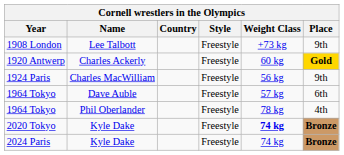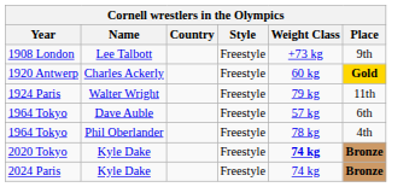 <table class="wikitable">
 <tr>
 <th colspan="6">Cornell wrestlers in the Olympics</th>
 </tr>
 <tr>
 <th scope="col">Year</th>
 <th scope="col">Name</th>
 <th scope="col">Country</th>
 <th scope="col">Style</th>
 <th scope="col">Weight Class</th>
 <th scope="col">Place</th>
 </tr>
 <tr>
 <td><a href='#'>1908 London</a></td>
 <td style="text-align: center;"><a href='#'>Lee Talbott</a></td>
 <td style="text-align: center;"></td>
 <td style="text-align: center;">Freestyle</td>
 <td style="text-align: center;"><a href='#'>+73 kg</a></td>
 <td style="text-align: center;">9th</td>
 </tr>
 <tr>
 <td><a href='#'>1920 Antwerp</a></td>
 <td style="text-align: center;"><a href='#'>Charles Ackerly</a></td>
 <td style="text-align: center;"></td>
 <td style="text-align: center;">Freestyle</td>
 <td style="text-align: center;"><a href='#'>60 kg</a></td>
 <td style="text-align: center;background:gold;"><strong>Gold</strong></td>
 </tr>
 <tr>
 <td><a href='#'>1924 Paris</a></td>
-<td style="text-align: center;"><a href='#'>Charles MacWilliam</a></td>
+<td style="text-align: center;"><a href='#'>Walter Wright</a></td>
 <td style="text-align: center;"></td>
 <td style="text-align: center;">Freestyle</td>
-<td style="text-align: center;"><a href='#'>56 kg</a></td>
-<td style="text-align: center;">9th</td>
+<td style="text-align: center;"><a href='#'>79 kg</a></td>
+<td style="text-align: center;">11th</td>
 </tr>
 <tr>
 <td><a href='#'>1964 Tokyo</a></td>
 <td style="text-align: center;"><a href='#'>Dave Auble</a></td>
 <td style="text-align: center;"></td>
 <td style="text-align: center;">Freestyle</td>
 <td style="text-align: center;"><a href='#'>57 kg</a></td>
 <td style="text-align: center;">6th</td>
 </tr>
 <tr>
 <td><a href='#'>1964 Tokyo</a></td>
 <td style="text-align: center;"><a href='#'>Phil Oberlander</a></td>
 <td style="text-align: center;"></td>
 <td style="text-align: center;">Freestyle</td>
 <td style="text-align: center;"><a href='#'>78 kg</a></td>
 <td style="text-align: center;">4th</td>
 </tr>
 <tr>
 <td><a href='#'>2020 Tokyo</a></td>
 <td style="text-align: center;"><a href='#'>Kyle Dake</a></td>
 <td style="text-align: center;"></td>
 <td style="text-align: center;">Freestyle</td>
 <td style="text-align: center;"><strong><a href='#'>74 kg</a></strong></td>
 <td style="text-align:center; background:#c96;"><strong>Bronze</strong></td>
 </tr>
 <tr>
 <td><a href='#'>2024 Paris</a></td>
 <td style="text-align: center;"><a href='#'>Kyle Dake</a></td>
 <td style="text-align: center;"></td>
 <td style="text-align: center;">Freestyle</td>
 <td style="text-align: center;"><a href='#'>74 kg</a></td>
 <td style="text-align:center; background:#c96;"><strong>Bronze</strong></td>
 </tr>
 </table>
